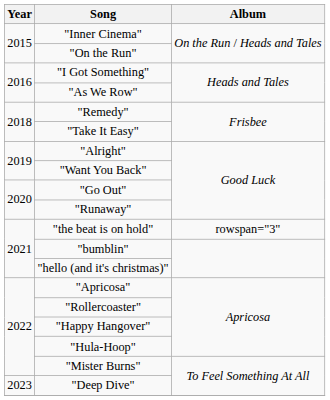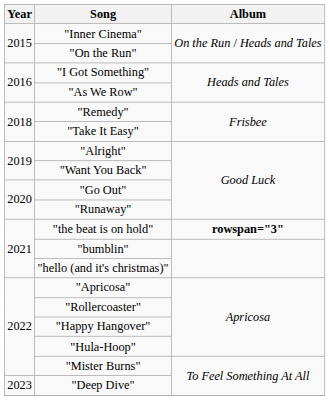 <table class="wikitable plainrowheaders" style=text-align:center;>
 <tr>
 <th>Year</th>
 <th>Song</th>
 <th>Album</th>
 </tr>
 <tr>
 <td rowspan="2">2015</td>
 <td>"Inner Cinema"</td>
 <td rowspan="2"><em>On the Run</em> / <em>Heads and Tales</em></td>
 </tr>
 <tr>
 <td>"On the Run"</td>
 </tr>
 <tr>
 <td rowspan="2">2016</td>
 <td>"I Got Something"</td>
 <td rowspan="2"><em>Heads and Tales</em></td>
 </tr>
 <tr>
 <td>"As We Row"</td>
 </tr>
 <tr>
 <td rowspan="2">2018</td>
 <td>"Remedy"</td>
 <td rowspan="2"><em>Frisbee</em></td>
 </tr>
 <tr>
 <td>"Take It Easy"</td>
 </tr>
 <tr>
 <td rowspan="2">2019</td>
 <td>"Alright"</td>
 <td rowspan="4"><em>Good Luck</em></td>
 </tr>
 <tr>
 <td>"Want You Back"</td>
 </tr>
 <tr>
 <td rowspan="2">2020</td>
 <td>"Go Out"</td>
 </tr>
 <tr>
 <td>"Runaway"</td>
 </tr>
 <tr>
 <td rowspan="3">2021</td>
 <td>"the beat is on hold"</td>
-<td>rowspan="3" </td>
+<td><strong>rowspan="3" </strong></td>
 </tr>
 <tr>
 <td>"bumblin"</td>
 </tr>
 <tr>
 <td>"hello (and it's christmas)"</td>
 </tr>
 <tr>
 <td rowspan="5">2022</td>
 <td>"Apricosa"</td>
 <td rowspan="4"><em>Apricosa</em></td>
 </tr>
 <tr>
 <td>"Rollercoaster"</td>
 </tr>
 <tr>
 <td>"Happy Hangover"</td>
 </tr>
 <tr>
 <td>"Hula-Hoop"</td>
 </tr>
 <tr>
 <td>"Mister Burns"</td>
 <td rowspan="2"><em>To Feel Something At All</em></td>
 </tr>
 <tr>
 <td>2023</td>
 <td>"Deep Dive"</td>
 </tr>
 <tr>
 </tr>
 </table>
